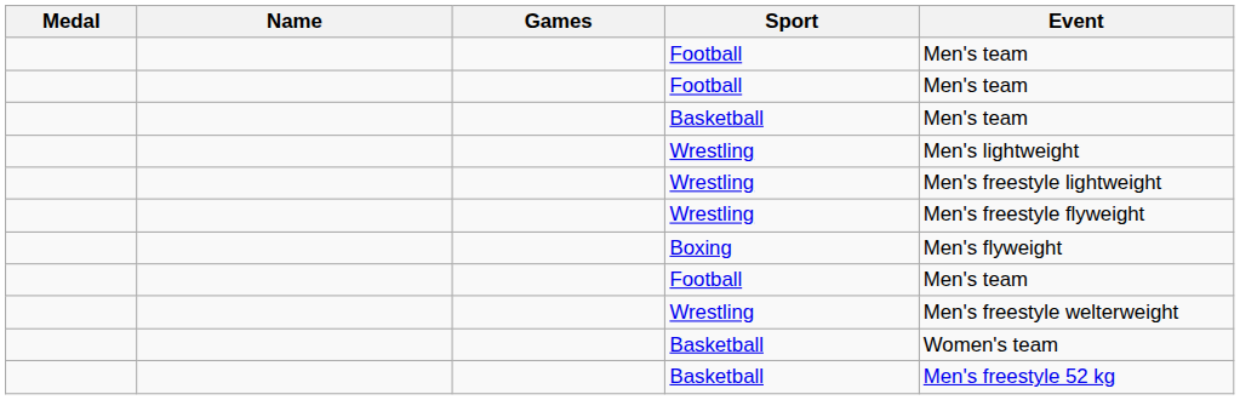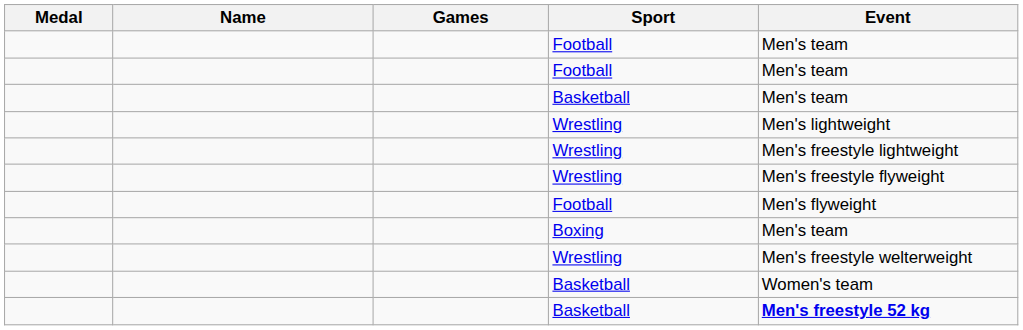 <table class="wikitable sortable">
 <tr>
 <th style="width:6em">Medal</th>
 <th style="width:15em">Name</th>
 <th style="width:10em">Games</th>
 <th style="width:12em">Sport</th>
 <th style="width:15em">Event</th>
 </tr>
 <tr>
 <td></td>
 <td></td>
 <td></td>
 <td><a href='#'>Football</a></td>
 <td>Men's team</td>
 </tr>
 <tr>
 <td></td>
 <td></td>
 <td></td>
 <td><a href='#'>Football</a></td>
 <td>Men's team</td>
 </tr>
 <tr>
 <td></td>
 <td></td>
 <td></td>
 <td><a href='#'>Basketball</a></td>
 <td>Men's team</td>
 </tr>
 <tr>
 <td></td>
 <td></td>
 <td></td>
 <td><a href='#'>Wrestling</a></td>
 <td>Men's lightweight</td>
 </tr>
 <tr>
 <td></td>
 <td></td>
 <td></td>
 <td><a href='#'>Wrestling</a></td>
 <td>Men's freestyle lightweight</td>
 </tr>
 <tr>
 <td></td>
 <td></td>
 <td></td>
 <td><a href='#'>Wrestling</a></td>
 <td>Men's freestyle flyweight</td>
 </tr>
 <tr>
 <td></td>
 <td></td>
 <td></td>
-<td><a href='#'>Boxing</a></td>
+<td><a href='#'>Football</a></td>
 <td>Men's flyweight</td>
 </tr>
 <tr>
 <td></td>
 <td></td>
 <td></td>
-<td><a href='#'>Football</a></td>
+<td><a href='#'>Boxing</a></td>
 <td>Men's team</td>
 </tr>
 <tr>
 <td></td>
 <td></td>
 <td></td>
 <td><a href='#'>Wrestling</a></td>
 <td>Men's freestyle welterweight</td>
 </tr>
 <tr>
 <td></td>
 <td></td>
 <td></td>
 <td><a href='#'>Basketball</a></td>
 <td>Women's team</td>
 </tr>
 <tr>
 <td></td>
 <td></td>
 <td></td>
 <td><a href='#'>Basketball</a></td>
-<td><a href='#'>Men's freestyle 52 kg</a></td>
+<td><strong><a href='#'>Men's freestyle 52 kg</a></strong></td>
 </tr>
 </table>
